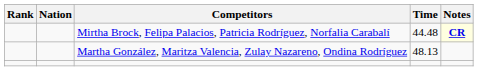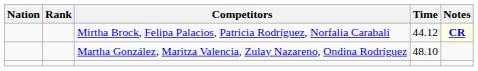 <table class="wikitable sortable" style="text-align:center; font-size:95%">
 <tr>
+<th>Nation</th>
 <th>Rank</th>
-<th>Nation</th>
 <th>Competitors</th>
 <th>Time</th>
 <th>Notes</th>
 </tr>
 <tr>
+<td align=left></td>
 <td></td>
-<td align=left></td>
 <td align=left><a href='#'>Mirtha Brock</a>, <a href='#'>Felipa Palacios</a>, <a href='#'>Patricia Rodríguez</a>, <a href='#'>Norfalia Carabalí</a></td>
-<td>44.48</td>
+<td>44.12</td>
 <td style="background: lightyellow;"><strong><a href='#'>CR</a></strong></td>
 </tr>
 <tr>
+<td align=left></td>
 <td></td>
-<td align=left></td>
 <td align=left><a href='#'>Martha González</a>, <a href='#'>Maritza Valencia</a>, <a href='#'>Zulay Nazareno</a>, <a href='#'>Ondina Rodríguez</a></td>
-<td>48.13</td>
+<td>48.10</td>
 <td></td>
 </tr>
 <tr>
+<td align=left></td>
 <td></td>
-<td align=left></td>
 <td align=left></td>
 <td></td>
 <td></td>
 </tr>
 </table>
